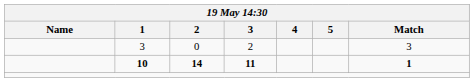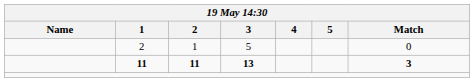 <table class=wikitable style="text-align:center; width: 55%">
 <tr>
 <th colspan=17><em>19 May 14:30</em></th>
 </tr>
 <tr>
 <th>Name</th>
 <th>1</th>
 <th>2</th>
 <th>3</th>
 <th>4</th>
 <th>5</th>
 <th>Match</th>
 </tr>
 <tr>
 <td style="text-align:left;"></td>
-<td>3</td>
-<td>0</td>
 <td>2</td>
+<td>1</td>
+<td>5</td>
 <td></td>
 <td></td>
-<td>3</td>
+<td>0</td>
 </tr>
 <tr>
 <td style="text-align:left;"><strong></strong></td>
-<td><strong>10</strong></td>
-<td><strong>14</strong></td>
 <td><strong>11</strong></td>
+<td><strong>11</strong></td>
+<td><strong>13</strong></td>
 <td></td>
 <td></td>
-<td><strong>1</strong></td>
+<td><strong>3</strong></td>
 </tr>
 <tr>
 <td colspan=17></td>
 </tr>
 </table>
